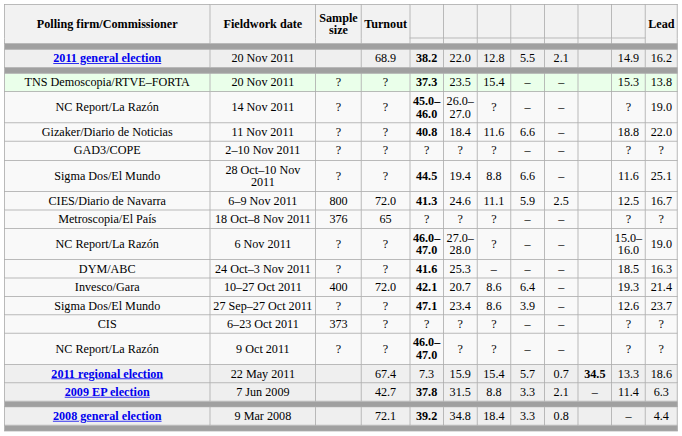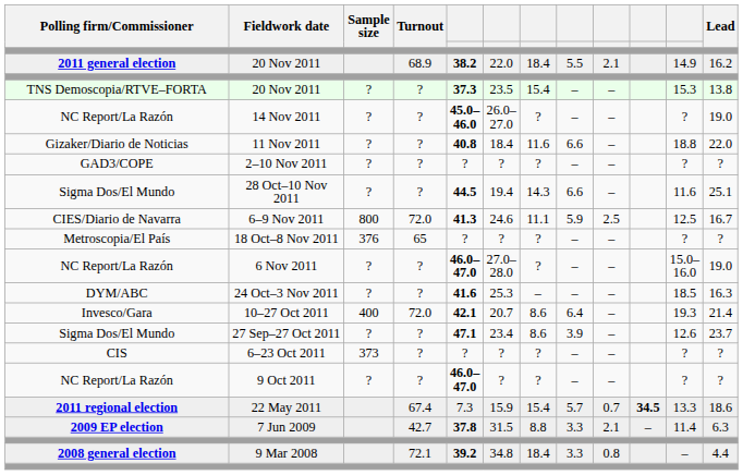 <table class="wikitable collapsible collapsed" style="text-align:center; font-size:95%; line-height:16px;">
 <tr style="height:42px;">
 <th style="width:250px;" rowspan="2">Polling firm/Commissioner</th>
 <th style="width:125px;" rowspan="2">Fieldwork date</th>
 <th style="width:50px;" rowspan="2">Sample size</th>
 <th style="width:45px;" rowspan="2">Turnout</th>
 <th style="width:35px;"></th>
 <th style="width:35px;"></th>
 <th style="width:35px;"></th>
 <th style="width:35px;"></th>
 <th style="width:35px;"></th>
 <th style="width:35px;"></th>
 <th style="width:35px;"></th>
 <th style="width:30px;" rowspan="2">Lead</th>
 </tr>
 <tr>
 <th style="color:inherit;background:"></th>
 <th style="color:inherit;background:"></th>
 <th style="color:inherit;background:"></th>
 <th style="color:inherit;background:"></th>
 <th style="color:inherit;background:"></th>
 <th style="color:inherit;background:"></th>
 <th style="color:inherit;background:"></th>
 </tr>
 <tr>
 <td colspan="12" style="background:#A0A0A0"></td>
 </tr>
 <tr style="background:#EFEFEF;">
 <td><strong><a href='#'>2011 general election</a></strong></td>
 <td>20 Nov 2011</td>
 <td></td>
 <td>68.9</td>
 <td><strong>38.2</strong><br></td>
 <td>22.0<br></td>
-<td>12.8<br></td>
+<td>18.4<br></td>
 <td>5.5<br></td>
 <td>2.1<br></td>
 <td></td>
 <td>14.9<br></td>
 <td style="background:">16.2</td>
 </tr>
 <tr>
 <td colspan="12" style="background:#A0A0A0"></td>
 </tr>
 <tr style="background:#EAFFEA;">
 <td>TNS Demoscopia/RTVE–FORTA</td>
 <td>20 Nov 2011</td>
 <td>?</td>
 <td>?</td>
 <td><strong>37.3</strong><br></td>
 <td>23.5<br></td>
 <td>15.4<br></td>
 <td>–</td>
 <td>–</td>
 <td></td>
 <td>15.3<br></td>
 <td style="background:">13.8</td>
 </tr>
 <tr>
 <td>NC Report/La Razón</td>
 <td>14 Nov 2011</td>
 <td>?</td>
 <td>?</td>
 <td><strong>45.0–<br>46.0</strong><br></td>
 <td>26.0–<br>27.0<br></td>
 <td>?<br></td>
 <td>–</td>
 <td>–</td>
 <td></td>
 <td>?<br></td>
 <td style="background:">19.0</td>
 </tr>
 <tr>
 <td>Gizaker/Diario de Noticias</td>
 <td>11 Nov 2011</td>
 <td>?</td>
 <td>?</td>
 <td><strong>40.8</strong><br></td>
 <td>18.4<br></td>
 <td>11.6<br></td>
 <td>6.6<br></td>
 <td>–</td>
 <td></td>
 <td>18.8<br></td>
 <td style="background:">22.0</td>
 </tr>
 <tr>
 <td>GAD3/COPE</td>
 <td>2–10 Nov 2011</td>
 <td>?</td>
 <td>?</td>
 <td>?<br></td>
 <td>?<br></td>
 <td>?<br></td>
 <td>–</td>
 <td>–</td>
 <td></td>
 <td>?<br></td>
 <td style="background:">?</td>
 </tr>
 <tr>
 <td>Sigma Dos/El Mundo</td>
 <td>28 Oct–10 Nov 2011</td>
 <td>?</td>
 <td>?</td>
 <td><strong>44.5</strong><br></td>
 <td>19.4<br></td>
-<td>8.8<br></td>
+<td>14.3<br></td>
 <td>6.6<br></td>
 <td>–</td>
 <td></td>
 <td>11.6<br></td>
 <td style="background:">25.1</td>
 </tr>
 <tr>
 <td>CIES/Diario de Navarra</td>
 <td>6–9 Nov 2011</td>
 <td>800</td>
 <td>72.0</td>
 <td><strong>41.3</strong><br></td>
 <td>24.6<br></td>
 <td>11.1<br></td>
 <td>5.9<br></td>
 <td>2.5<br></td>
 <td></td>
 <td>12.5<br></td>
 <td style="background:">16.7</td>
 </tr>
 <tr>
 <td>Metroscopia/El País</td>
 <td>18 Oct–8 Nov 2011</td>
 <td>376</td>
 <td>65</td>
 <td>?<br></td>
 <td>?<br></td>
 <td>?<br></td>
 <td>–</td>
 <td>–</td>
 <td></td>
 <td>?<br></td>
 <td style="background:">?</td>
 </tr>
 <tr>
 <td>NC Report/La Razón</td>
 <td>6 Nov 2011</td>
 <td>?</td>
 <td>?</td>
 <td><strong>46.0–<br>47.0</strong><br></td>
 <td>27.0–<br>28.0<br></td>
 <td>?<br></td>
 <td>–</td>
 <td>–</td>
 <td></td>
 <td>15.0–<br>16.0<br></td>
 <td style="background:">19.0</td>
 </tr>
 <tr>
 <td>DYM/ABC</td>
 <td>24 Oct–3 Nov 2011</td>
 <td>?</td>
 <td>?</td>
 <td><strong>41.6</strong><br></td>
 <td>25.3<br></td>
 <td>–</td>
 <td>–</td>
 <td>–</td>
 <td></td>
 <td>18.5<br></td>
 <td style="background:">16.3</td>
 </tr>
 <tr>
 <td>Invesco/Gara</td>
 <td>10–27 Oct 2011</td>
 <td>400</td>
 <td>72.0</td>
 <td><strong>42.1</strong><br></td>
 <td>20.7<br></td>
 <td>8.6<br></td>
 <td>6.4<br></td>
 <td>–</td>
 <td></td>
 <td>19.3<br></td>
 <td style="background:">21.4</td>
 </tr>
 <tr>
 <td>Sigma Dos/El Mundo</td>
 <td>27 Sep–27 Oct 2011</td>
 <td>?</td>
 <td>?</td>
 <td><strong>47.1</strong><br></td>
 <td>23.4<br></td>
 <td>8.6<br></td>
 <td>3.9<br></td>
 <td>–</td>
 <td></td>
 <td>12.6<br></td>
 <td style="background:">23.7</td>
 </tr>
 <tr>
 <td>CIS</td>
 <td>6–23 Oct 2011</td>
 <td>373</td>
 <td>?</td>
 <td>?<br></td>
 <td>?<br></td>
 <td>?<br></td>
 <td>–</td>
 <td>–</td>
 <td></td>
 <td>?<br></td>
 <td style="background:">?</td>
 </tr>
 <tr>
 <td>NC Report/La Razón</td>
 <td>9 Oct 2011</td>
 <td>?</td>
 <td>?</td>
 <td><strong>46.0–<br>47.0</strong><br></td>
 <td>?<br></td>
 <td>?<br></td>
 <td>–</td>
 <td>–</td>
 <td></td>
 <td>?<br></td>
 <td style="background:">?</td>
 </tr>
 <tr style="background:#EFEFEF;">
 <td><strong><a href='#'>2011 regional election</a></strong></td>
 <td>22 May 2011</td>
 <td></td>
 <td>67.4</td>
 <td>7.3<br></td>
 <td>15.9<br></td>
 <td>15.4<br></td>
 <td>5.7<br></td>
 <td>0.7<br></td>
 <td><strong>34.5</strong><br></td>
 <td>13.3<br></td>
 <td style="background:">18.6</td>
 </tr>
 <tr style="background:#EFEFEF;">
 <td><strong><a href='#'>2009 EP election</a></strong></td>
 <td>7 Jun 2009</td>
 <td></td>
 <td>42.7</td>
 <td><strong>37.8</strong><br></td>
 <td>31.5<br></td>
 <td>8.8<br></td>
 <td>3.3<br></td>
 <td>2.1<br></td>
 <td>–</td>
 <td>11.4<br></td>
 <td style="background:">6.3</td>
 </tr>
 <tr>
 <td colspan="12" style="background:#A0A0A0"></td>
 </tr>
 <tr style="background:#EFEFEF;">
 <td><strong><a href='#'>2008 general election</a></strong></td>
 <td>9 Mar 2008</td>
 <td></td>
 <td>72.1</td>
 <td><strong>39.2</strong><br></td>
 <td>34.8<br></td>
 <td>18.4<br></td>
 <td>3.3<br></td>
 <td>0.8<br></td>
 <td></td>
 <td>–</td>
 <td style="background:">4.4</td>
 </tr>
 <tr>
 <td colspan="12" style="background:#A0A0A0"></td>
 </tr>
 </table>
